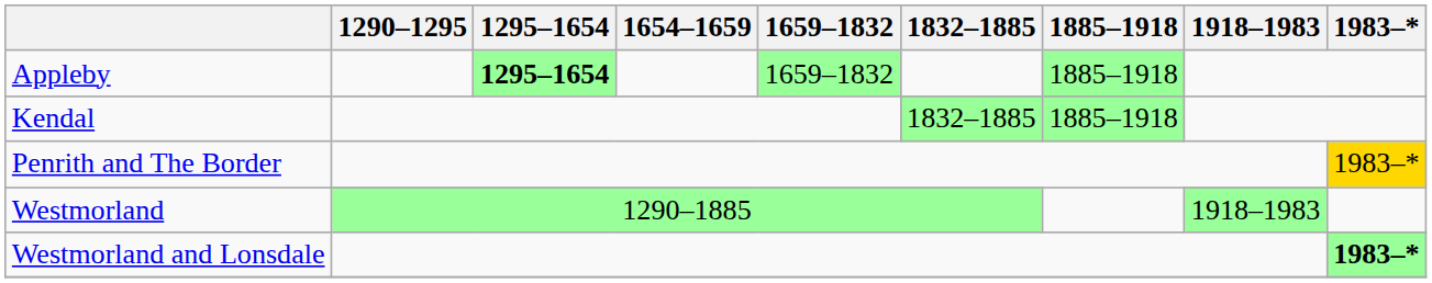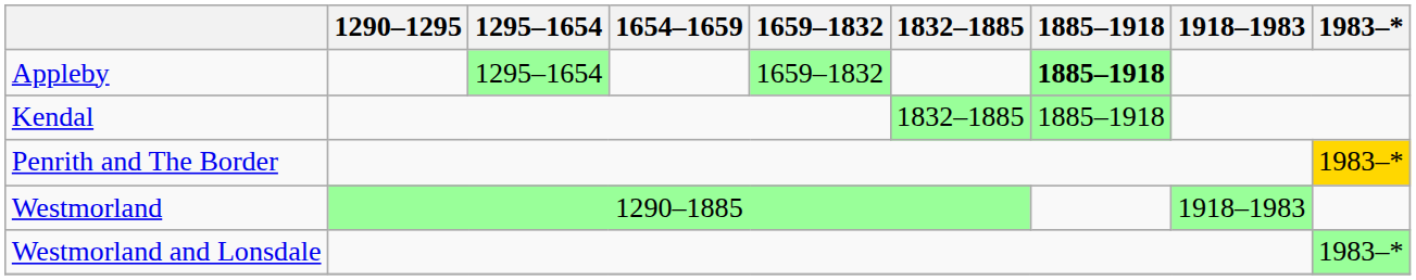 <table class="wikitable">
 <tr>
 <th> </th>
 <th>1290–1295</th>
 <th>1295–1654</th>
 <th>1654–1659</th>
 <th>1659–1832</th>
 <th>1832–1885</th>
 <th>1885–1918</th>
 <th>1918–1983</th>
 <th>1983–*</th>
 </tr>
 <tr>
 <td><a href='#'>Appleby</a></td>
 <td colspan="1"> </td>
-<td colspan="1" align="center" bgcolor="#99FF99"><strong>1295–1654</strong></td>
+<td colspan="1" align="center" bgcolor="#99FF99">1295–1654</td>
 <td colspan="1"> </td>
 <td colspan="1" align="center" bgcolor="#99FF99">1659–1832</td>
 <td colspan="1"> </td>
-<td colspan="1" align="center" bgcolor="#99FF99">1885–1918</td>
+<td colspan="1" align="center" bgcolor="#99FF99"><strong>1885–1918</strong></td>
 <td colspan="2"> </td>
 </tr>
 <tr>
 <td><a href='#'>Kendal</a></td>
 <td colspan="4"> </td>
 <td colspan="1" align="center" bgcolor="#99FF99">1832–1885</td>
 <td colspan="1" align="center" bgcolor="#99FF99">1885–1918</td>
 <td colspan="2"> </td>
 </tr>
 <tr>
 <td><a href='#'>Penrith and The Border</a></td>
 <td colspan="7"> </td>
 <td colspan="1" align="center" bgcolor="#ffd700">1983–*</td>
 </tr>
 <tr>
 <td><a href='#'>Westmorland</a></td>
 <td colspan="5" align="center" bgcolor="#99FF99">1290–1885</td>
 <td colspan="1"> </td>
 <td colspan="1" align="center" bgcolor="#99FF99">1918–1983</td>
 <td colspan="1"> </td>
 </tr>
 <tr>
 <td><a href='#'>Westmorland and Lonsdale</a></td>
 <td colspan="7"> </td>
-<td colspan="1" align="center" bgcolor="#99FF99"><strong>1983–*</strong></td>
+<td colspan="1" align="center" bgcolor="#99FF99">1983–*</td>
 </tr>
 <tr>
 </tr>
 </table>
